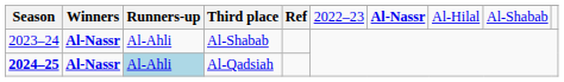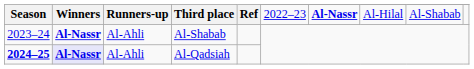 <table class="wikitable sortable" style="font-size:90%;">
 <tr>
 <th rowspan=2>Season</th>
 <th rowspan=2>Winners</th>
 <th rowspan=2>Runners-up</th>
 <th rowspan=2>Third place</th>
 <th rowspan=2>Ref</th>
 </tr>
 <tr>
 <td><a href='#'>2022–23</a></td>
 <td><strong><a href='#'>Al-Nassr</a></strong></td>
 <td><a href='#'>Al-Hilal</a></td>
 <td><a href='#'>Al-Shabab</a></td>
 <td></td>
 </tr>
 <tr>
 <td><a href='#'>2023–24</a></td>
 <td><strong><a href='#'>Al-Nassr</a></strong></td>
 <td><a href='#'>Al-Ahli</a></td>
 <td><a href='#'>Al-Shabab</a></td>
 <td></td>
 </tr>
 <tr>
 <td><strong><a href='#'>2024–25</a></strong></td>
-<td><strong><a href='#'>Al-Nassr</a></strong></td>
-<td style="background: lightblue;"><a href='#'>Al-Ahli</a></td>
+<td style="background: lavender;"><strong><a href='#'>Al-Nassr</a></strong></td>
+<td><a href='#'>Al-Ahli</a></td>
 <td><a href='#'>Al-Qadsiah</a></td>
 <td></td>
 </tr>
 </table>
